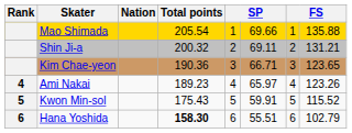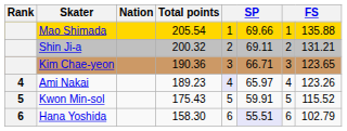 <table class="wikitable sortable" style="text-align:left">
 <tr>
 <th scope="col">Rank</th>
 <th scope="col">Skater</th>
 <th scope="col">Nation</th>
 <th scope="col">Total points</th>
 <th scope="col" colspan="2" width="80px"><a href='#'>SP</a></th>
 <th scope="col" colspan="2" width="80px"><a href='#'>FS</a></th>
 </tr>
 <tr bgcolor="gold">
 <th scope="row"></th>
 <td><a href='#'>Mao Shimada</a></td>
 <td></td>
 <td align="center">205.54</td>
 <td align="center">1</td>
 <td align="center">69.66</td>
 <td align="center">1</td>
 <td align="center">135.88</td>
 </tr>
 <tr bgcolor="silver">
 <th scope="row"></th>
 <td><a href='#'>Shin Ji-a</a></td>
 <td></td>
 <td align="center">200.32</td>
 <td align="center">2</td>
 <td align="center">69.11</td>
 <td align="center">2</td>
 <td align="center">131.21</td>
 </tr>
 <tr bgcolor="cc9966">
 <th scope="row"></th>
 <td><a href='#'>Kim Chae-yeon</a></td>
 <td></td>
 <td align="center">190.36</td>
 <td align="center">3</td>
 <td align="center">66.71</td>
 <td align="center">3</td>
 <td align="center">123.65</td>
 </tr>
 <tr>
 <th scope="row">4</th>
 <td><a href='#'>Ami Nakai</a></td>
 <td></td>
 <td align="center">189.23</td>
-<td align="center">4</td>
+<td align="center" style="background: lavender;">4</td>
 <td align="center">65.97</td>
 <td align="center">4</td>
 <td align="center">123.26</td>
 </tr>
 <tr>
 <th scope="row">5</th>
 <td><a href='#'>Kwon Min-sol</a></td>
 <td></td>
 <td align="center">175.43</td>
 <td align="center">5</td>
 <td align="center">59.91</td>
 <td align="center">5</td>
 <td align="center">115.52</td>
 </tr>
 <tr>
 <th scope="row">6</th>
 <td><a href='#'>Hana Yoshida</a></td>
 <td></td>
-<td align="center"><strong>158.30</strong></td>
+<td align="center">158.30</td>
 <td align="center">6</td>
-<td align="center">55.51</td>
+<td align="center" style="background: lavender;">55.51</td>
 <td align="center">6</td>
 <td align="center">102.79</td>
 </tr>
 </table>
